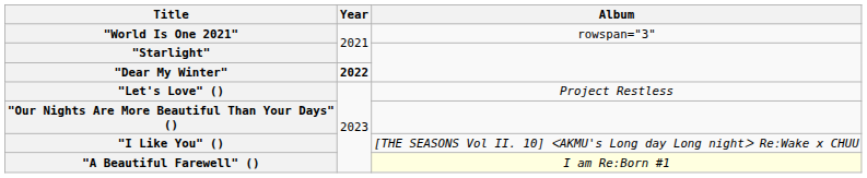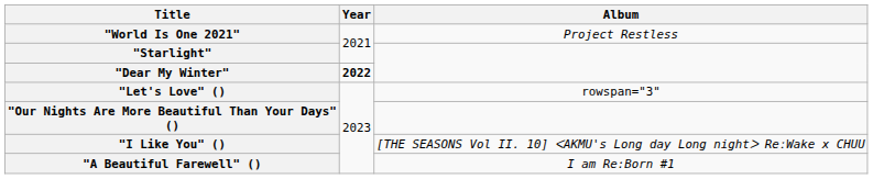 <table class="wikitable plainrowheaders" style="text-align:center">
 <tr>
 <th scope="col">Title</th>
 <th scope="col">Year</th>
 <th scope="col">Album</th>
 </tr>
 <tr>
 <th scope="row">"World Is One 2021"<br></th>
 <td rowspan="2">2021</td>
-<td>rowspan="3" </td>
+<td><em>Project Restless</em></td>
 </tr>
 <tr>
 <th scope="row">"Starlight"<br></th>
 </tr>
 <tr>
 <th scope="row">"Dear My Winter"<br></th>
 <td><strong>2022</strong></td>
 </tr>
 <tr>
 <th scope="row">"Let's Love" ()<br></th>
 <td rowspan="4">2023</td>
-<td><em>Project Restless</em></td>
+<td>rowspan="3" </td>
 </tr>
 <tr>
 <th scope="row">"Our Nights Are More Beautiful Than Your Days"<br> ()</th>
 <td></td>
 </tr>
 <tr>
 <th scope="row">"I Like You" ()</th>
 <td><em>[THE SEASONS Vol II. 10] ᐸAKMU's Long day Long nightᐳ ReːWake x CHUU</em></td>
 </tr>
 <tr>
 <th scope="row">"A Beautiful Farewell" ()</th>
-<td style="background: lightyellow;"><em>I am Re:Born #1</em></td>
+<td><em>I am Re:Born #1</em></td>
 </tr>
 </table>
